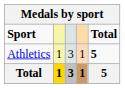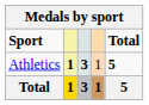 <table class=wikitable style="font-size:95%; ">
 <tr bgcolor=EFEFEF>
 <th colspan=7><strong>Medals by sport</strong></th>
 </tr>
 <tr>
 <td><strong>Sport</strong></td>
 <td bgcolor=F7F6A8></td>
 <td bgcolor=DCE5E5></td>
 <td bgcolor=FFDBA9></td>
 <td><strong>Total</strong></td>
 </tr>
 <tr>
 <td><a href='#'>Athletics</a></td>
-<td bgcolor=F7F6A8>1</td>
-<td bgcolor=DCE5E5>3</td>
+<td bgcolor=F7F6A8><strong>1</strong></td>
+<td bgcolor=DCE5E5><strong>3</strong></td>
 <td bgcolor=FFDAB9>1</td>
 <td><strong>5</strong></td>
 </tr>
 <tr>
 <th>Total</th>
 <th style="background:gold;">1</th>
 <th style="background:silver;">3</th>
 <th style="background:#c96;">1</th>
 <th>5</th>
 </tr>
 </table>
